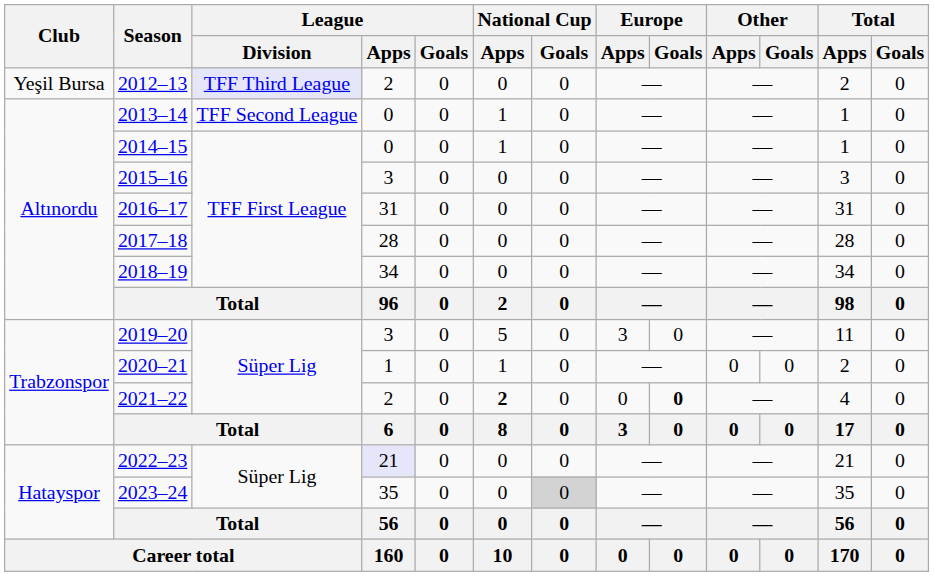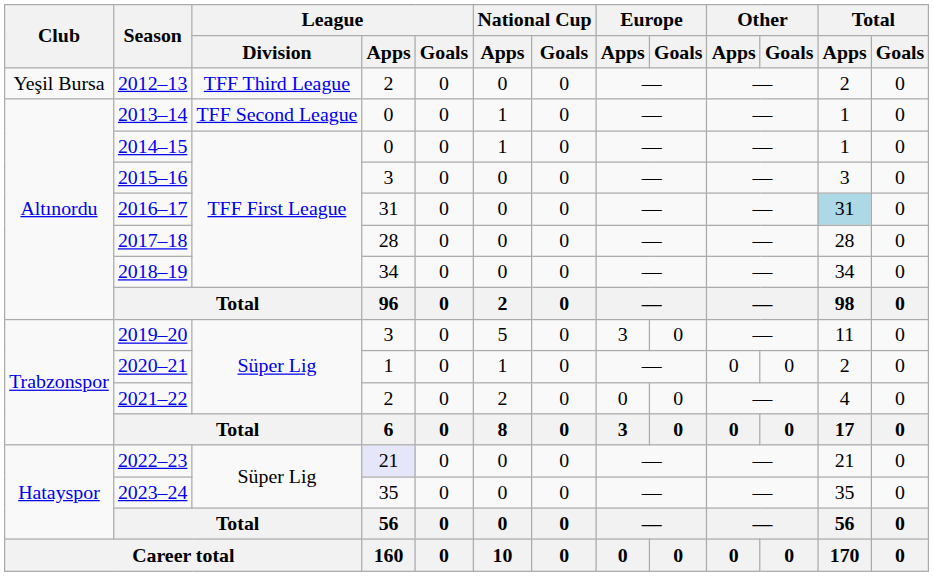 <table class="wikitable" style="text-align:center">
 <tr>
 <th rowspan="2">Club</th>
 <th rowspan="2">Season</th>
 <th colspan="3">League</th>
 <th colspan="2">National Cup</th>
 <th colspan="2">Europe</th>
 <th colspan="2">Other</th>
 <th colspan="2">Total</th>
 </tr>
 <tr>
 <th>Division</th>
 <th>Apps</th>
 <th>Goals</th>
 <th>Apps</th>
 <th>Goals</th>
 <th>Apps</th>
 <th>Goals</th>
 <th>Apps</th>
 <th>Goals</th>
 <th>Apps</th>
 <th>Goals</th>
 </tr>
 <tr>
 <td>Yeşil Bursa</td>
 <td><a href='#'>2012–13</a></td>
-<td style="background: lavender;"><a href='#'>TFF Third League</a></td>
+<td><a href='#'>TFF Third League</a></td>
 <td>2</td>
 <td>0</td>
 <td>0</td>
 <td>0</td>
 <td colspan="2">—</td>
 <td colspan="2">—</td>
 <td>2</td>
 <td>0</td>
 </tr>
 <tr>
 <td rowspan="7"><a href='#'>Altınordu</a></td>
 <td><a href='#'>2013–14</a></td>
 <td><a href='#'>TFF Second League</a></td>
 <td>0</td>
 <td>0</td>
 <td>1</td>
 <td>0</td>
 <td colspan="2">—</td>
 <td colspan="2">—</td>
 <td>1</td>
 <td>0</td>
 </tr>
 <tr>
 <td><a href='#'>2014–15</a></td>
 <td rowspan="5"><a href='#'>TFF First League</a></td>
 <td>0</td>
 <td>0</td>
 <td>1</td>
 <td>0</td>
 <td colspan="2">—</td>
 <td colspan="2">—</td>
 <td>1</td>
 <td>0</td>
 </tr>
 <tr>
 <td><a href='#'>2015–16</a></td>
 <td>3</td>
 <td>0</td>
 <td>0</td>
 <td>0</td>
 <td colspan="2">—</td>
 <td colspan="2">—</td>
 <td>3</td>
 <td>0</td>
 </tr>
 <tr>
 <td><a href='#'>2016–17</a></td>
 <td>31</td>
 <td>0</td>
 <td>0</td>
 <td>0</td>
 <td colspan="2">—</td>
 <td colspan="2">—</td>
-<td>31</td>
+<td style="background: lightblue;">31</td>
 <td>0</td>
 </tr>
 <tr>
 <td><a href='#'>2017–18</a></td>
 <td>28</td>
 <td>0</td>
 <td>0</td>
 <td>0</td>
 <td colspan="2">—</td>
 <td colspan="2">—</td>
 <td>28</td>
 <td>0</td>
 </tr>
 <tr>
 <td><a href='#'>2018–19</a></td>
 <td>34</td>
 <td>0</td>
 <td>0</td>
 <td>0</td>
 <td colspan="2">—</td>
 <td colspan="2">—</td>
 <td>34</td>
 <td>0</td>
 </tr>
 <tr>
 <th colspan="2">Total</th>
 <th>96</th>
 <th>0</th>
 <th>2</th>
 <th>0</th>
 <th colspan="2">—</th>
 <th colspan="2">—</th>
 <th>98</th>
 <th>0</th>
 </tr>
 <tr>
 <td rowspan="4"><a href='#'>Trabzonspor</a></td>
 <td><a href='#'>2019–20</a></td>
 <td rowspan="3"><a href='#'>Süper Lig</a></td>
 <td>3</td>
 <td>0</td>
 <td>5</td>
 <td>0</td>
 <td>3</td>
 <td>0</td>
 <td colspan="2">—</td>
 <td>11</td>
 <td>0</td>
 </tr>
 <tr>
 <td><a href='#'>2020–21</a></td>
 <td>1</td>
 <td>0</td>
 <td>1</td>
 <td>0</td>
 <td colspan="2">—</td>
 <td>0</td>
 <td>0</td>
 <td>2</td>
 <td>0</td>
 </tr>
 <tr>
 <td><a href='#'>2021–22</a></td>
 <td>2</td>
 <td>0</td>
-<td><strong>2</strong></td>
+<td>2</td>
 <td>0</td>
 <td>0</td>
-<td><strong>0</strong></td>
+<td>0</td>
 <td colspan="2">—</td>
 <td>4</td>
 <td>0</td>
 </tr>
 <tr>
 <th colspan="2">Total</th>
 <th>6</th>
 <th>0</th>
 <th>8</th>
 <th>0</th>
 <th>3</th>
 <th>0</th>
 <th>0</th>
 <th>0</th>
 <th>17</th>
 <th>0</th>
 </tr>
 <tr>
 <td rowspan="3"><a href='#'>Hatayspor</a></td>
 <td><a href='#'>2022–23</a></td>
 <td rowspan="2">Süper Lig</td>
 <td style="background: lavender;">21</td>
 <td>0</td>
 <td>0</td>
 <td>0</td>
 <td colspan="2">—</td>
 <td colspan="2">—</td>
 <td>21</td>
 <td>0</td>
 </tr>
 <tr>
 <td><a href='#'>2023–24</a></td>
 <td>35</td>
 <td>0</td>
 <td>0</td>
-<td style="background: lightgrey;">0</td>
+<td>0</td>
 <td colspan="2">—</td>
 <td colspan="2">—</td>
 <td>35</td>
 <td>0</td>
 </tr>
 <tr>
 <th colspan="2">Total</th>
 <th>56</th>
 <th>0</th>
 <th>0</th>
 <th>0</th>
 <th colspan="2">—</th>
 <th colspan="2">—</th>
 <th>56</th>
 <th>0</th>
 </tr>
 <tr>
 <th colspan="3">Career total</th>
 <th>160</th>
 <th>0</th>
 <th>10</th>
 <th>0</th>
 <th>0</th>
 <th>0</th>
 <th>0</th>
 <th>0</th>
 <th>170</th>
 <th>0</th>
 </tr>
 </table>
